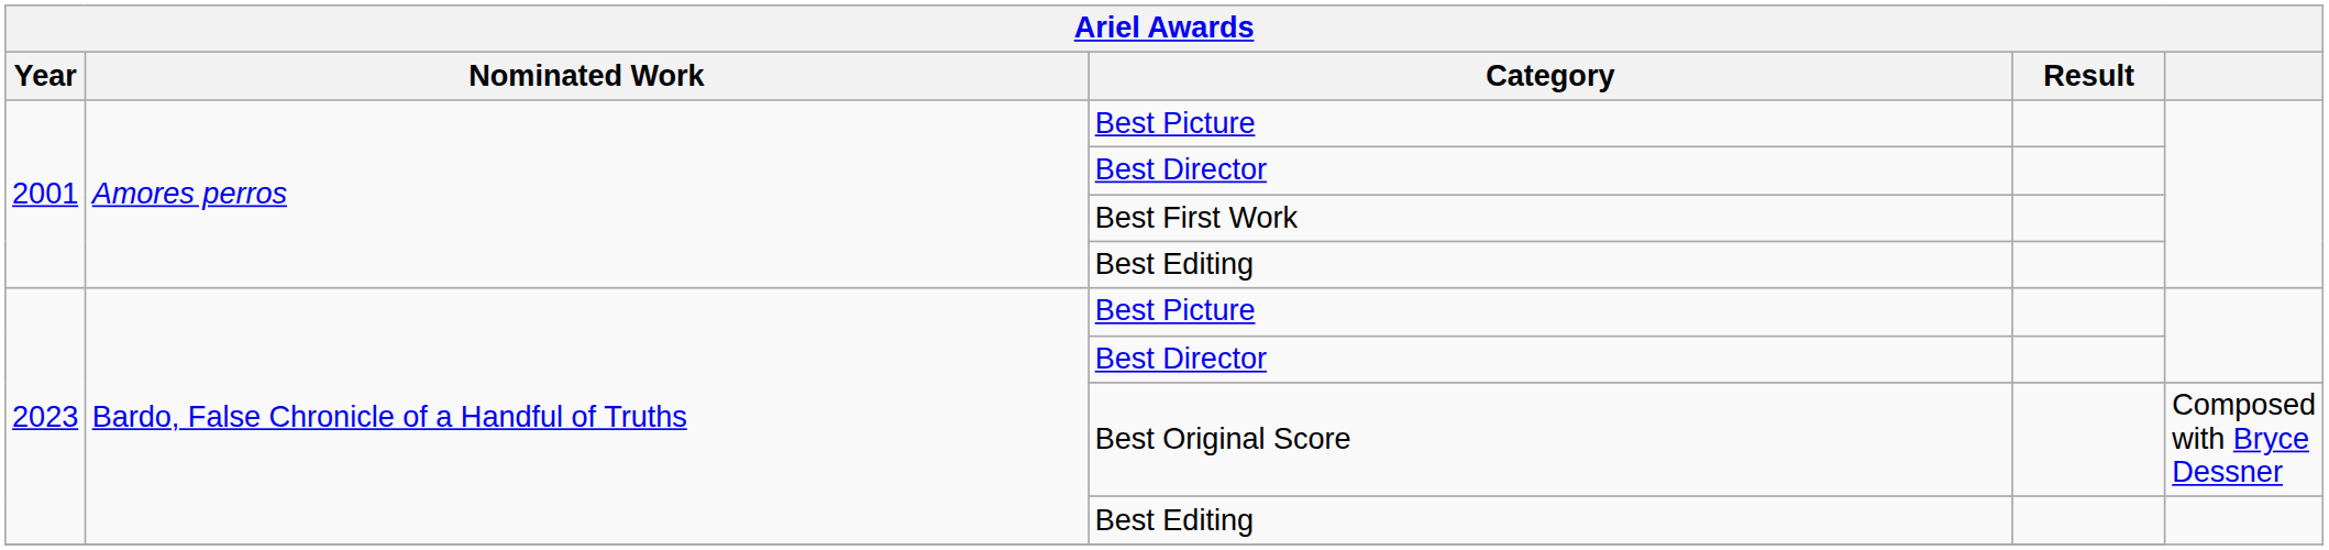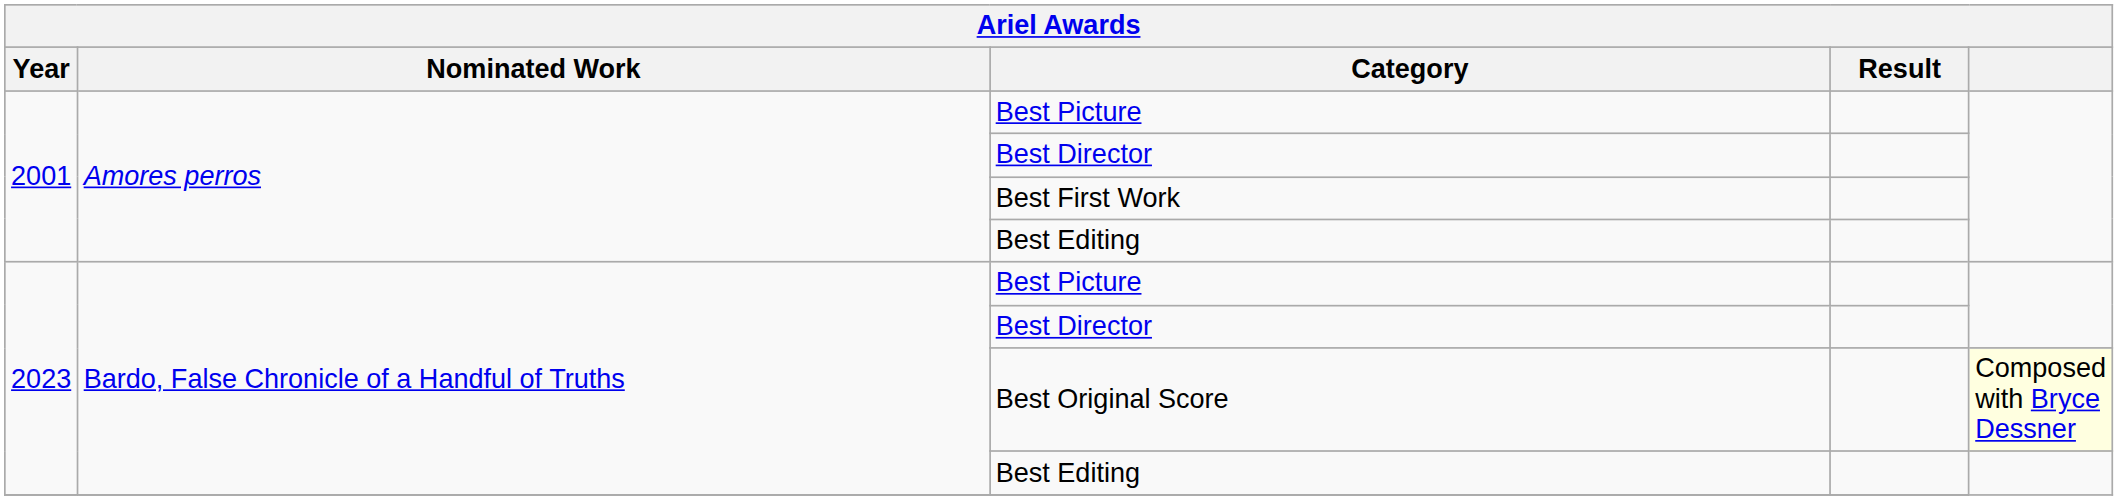 <table class="wikitable">
 <tr>
 <th colspan="5" style="text-align:center;"><a href='#'>Ariel Awards</a></th>
 </tr>
 <tr>
 <th scope="col" style="width:1em;">Year</th>
 <th scope="col" style="width:39em;">Nominated Work</th>
 <th scope="col" style="width:36em;">Category</th>
 <th scope="col" style="width:5em;">Result</th>
 <th scope="col" style="width:1em;"></th>
 </tr>
 <tr>
 <td rowspan="4"><a href='#'>2001</a></td>
 <td rowspan="4"><em><a href='#'>Amores perros</a></em></td>
 <td><a href='#'>Best Picture</a></td>
 <td></td>
 <td rowspan="4"></td>
 </tr>
 <tr>
 <td><a href='#'>Best Director</a></td>
 <td></td>
 </tr>
 <tr>
 <td>Best First Work</td>
 <td></td>
 </tr>
 <tr>
 <td>Best Editing</td>
 <td></td>
 </tr>
 <tr>
 <td rowspan="4"><a href='#'>2023</a></td>
 <td rowspan="4"><a href='#'>Bardo, False Chronicle of a Handful of Truths</a></td>
 <td><a href='#'>Best Picture</a></td>
 <td></td>
 </tr>
 <tr>
 <td><a href='#'>Best Director</a></td>
 <td></td>
 </tr>
 <tr>
 <td>Best Original Score</td>
 <td></td>
-<td>Composed with <a href='#'>Bryce Dessner</a></td>
+<td style="background: lightyellow;">Composed with <a href='#'>Bryce Dessner</a></td>
 </tr>
 <tr>
 <td>Best Editing</td>
 <td></td>
 </tr>
 <tr>
 </tr>
 </table>
